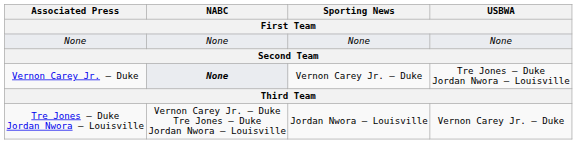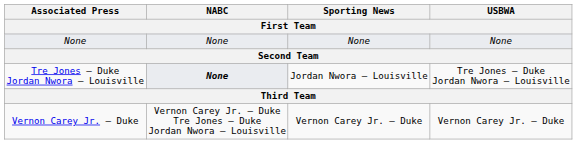 <table class="wikitable" style="font-size: 95%; text-align:center;">
 <tr>
 <th>Associated Press</th>
 <th>NABC</th>
 <th>Sporting News</th>
 <th>USBWA</th>
 </tr>
 <tr>
 <th colspan=4>First Team</th>
 </tr>
 <tr>
 <td style="background:#EAECF0;"><em>None</em></td>
 <td style="background:#EAECF0;"><em>None</em></td>
 <td style="background:#EAECF0;"><em>None</em></td>
 <td style="background:#EAECF0;"><em>None</em></td>
 </tr>
 <tr>
 <th colspan=4>Second Team</th>
 </tr>
 <tr>
-<td><a href='#'>Vernon Carey Jr.</a> – Duke</td>
+<td><a href='#'>Tre Jones</a> – Duke<br><a href='#'>Jordan Nwora</a> – Louisville</td>
 <td style="background:#EAECF0;"><strong><em>None</em></strong></td>
-<td>Vernon Carey Jr. – Duke</td>
+<td>Jordan Nwora – Louisville</td>
 <td>Tre Jones – Duke<br>Jordan Nwora – Louisville</td>
 </tr>
 <tr>
 <th colspan=4>Third Team</th>
 </tr>
 <tr>
-<td><a href='#'>Tre Jones</a> – Duke<br><a href='#'>Jordan Nwora</a> – Louisville</td>
+<td><a href='#'>Vernon Carey Jr.</a> – Duke</td>
 <td>Vernon Carey Jr. – Duke<br>Tre Jones – Duke<br>Jordan Nwora – Louisville</td>
-<td>Jordan Nwora – Louisville</td>
+<td>Vernon Carey Jr. – Duke</td>
 <td>Vernon Carey Jr. – Duke</td>
 </tr>
 </table>
